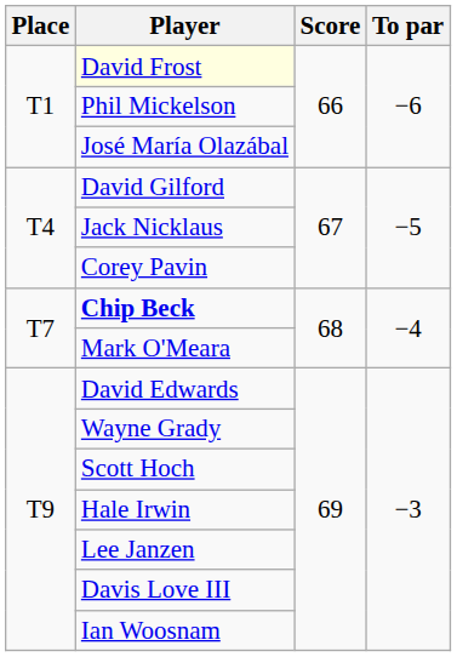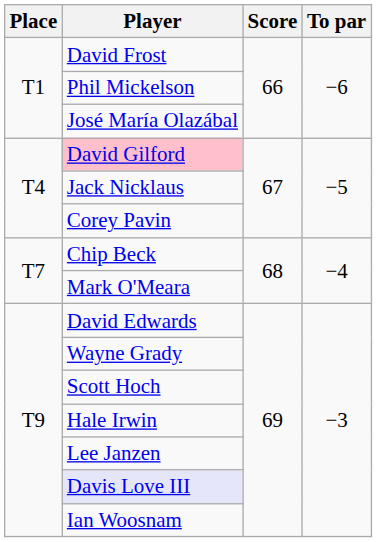 <table class="wikitable">
 <tr>
 <th>Place</th>
 <th>Player</th>
 <th>Score</th>
 <th>To par</th>
 </tr>
 <tr>
 <td rowspan="3" align=center>T1</td>
-<td style="background: lightyellow;"> <a href='#'>David Frost</a></td>
+<td> <a href='#'>David Frost</a></td>
 <td rowspan="3" align=center>66</td>
 <td rowspan="3" align=center>−6</td>
 </tr>
 <tr>
 <td> <a href='#'>Phil Mickelson</a></td>
 </tr>
 <tr>
 <td> <a href='#'>José María Olazábal</a></td>
 </tr>
 <tr>
 <td rowspan="3" align=center>T4</td>
-<td> <a href='#'>David Gilford</a></td>
+<td style="background: pink;"> <a href='#'>David Gilford</a></td>
 <td rowspan="3" align=center>67</td>
 <td rowspan="3" align=center>−5</td>
 </tr>
 <tr>
 <td> <a href='#'>Jack Nicklaus</a></td>
 </tr>
 <tr>
 <td> <a href='#'>Corey Pavin</a></td>
 </tr>
 <tr>
 <td rowspan="2" align=center>T7</td>
-<td><strong> <a href='#'>Chip Beck</a></strong></td>
+<td> <a href='#'>Chip Beck</a></td>
 <td rowspan="2" align=center>68</td>
 <td rowspan="2" align=center>−4</td>
 </tr>
 <tr>
 <td> <a href='#'>Mark O'Meara</a></td>
 </tr>
 <tr>
 <td rowspan="7" align=center>T9</td>
 <td> <a href='#'>David Edwards</a></td>
 <td rowspan="7" align=center>69</td>
 <td rowspan="7" align=center>−3</td>
 </tr>
 <tr>
 <td> <a href='#'>Wayne Grady</a></td>
 </tr>
 <tr>
 <td> <a href='#'>Scott Hoch</a></td>
 </tr>
 <tr>
 <td> <a href='#'>Hale Irwin</a></td>
 </tr>
 <tr>
 <td> <a href='#'>Lee Janzen</a></td>
 </tr>
 <tr>
-<td> <a href='#'>Davis Love III</a></td>
+<td style="background: lavender;"> <a href='#'>Davis Love III</a></td>
 </tr>
 <tr>
 <td> <a href='#'>Ian Woosnam</a></td>
 </tr>
 </table>
